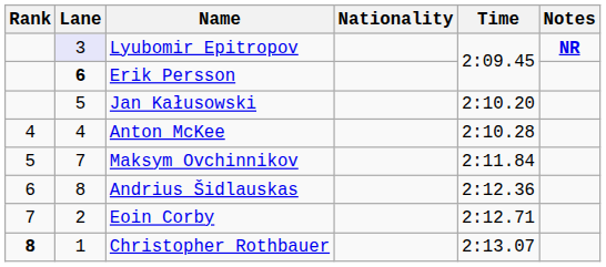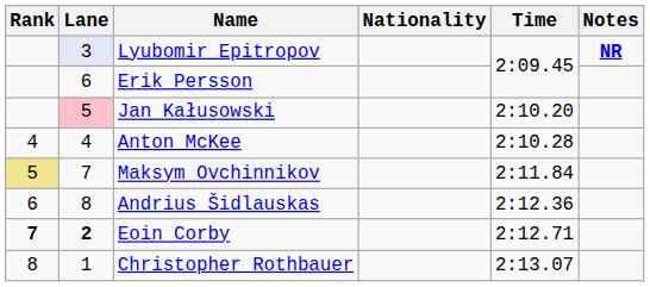 <table class="wikitable sortable" style="text-align:center">
 <tr>
 <th>Rank</th>
 <th>Lane</th>
 <th>Name</th>
 <th>Nationality</th>
 <th>Time</th>
 <th>Notes</th>
 </tr>
 <tr>
 <td></td>
 <td style="background: lavender;">3</td>
 <td align=left><a href='#'>Lyubomir Epitropov</a></td>
 <td align=left></td>
 <td rowspan=2>2:09.45</td>
 <td><strong><a href='#'>NR</a></strong></td>
 </tr>
 <tr>
 <td></td>
-<td><strong>6</strong></td>
+<td>6</td>
 <td align=left><a href='#'>Erik Persson</a></td>
 <td align=left></td>
 <td></td>
 </tr>
 <tr>
 <td></td>
-<td>5</td>
+<td style="background: pink;">5</td>
 <td align=left><a href='#'>Jan Kałusowski</a></td>
 <td align=left></td>
 <td>2:10.20</td>
 <td></td>
 </tr>
 <tr>
 <td>4</td>
 <td>4</td>
 <td align=left><a href='#'>Anton McKee</a></td>
 <td align=left></td>
 <td>2:10.28</td>
 <td></td>
 </tr>
 <tr>
-<td>5</td>
+<td style="background: khaki;">5</td>
 <td>7</td>
 <td align=left><a href='#'>Maksym Ovchinnikov</a></td>
 <td align=left></td>
 <td>2:11.84</td>
 <td></td>
 </tr>
 <tr>
 <td>6</td>
 <td>8</td>
 <td align=left><a href='#'>Andrius Šidlauskas</a></td>
 <td align=left></td>
 <td>2:12.36</td>
 <td></td>
 </tr>
 <tr>
-<td>7</td>
-<td>2</td>
+<td><strong>7</strong></td>
+<td><strong>2</strong></td>
 <td align=left><a href='#'>Eoin Corby</a></td>
 <td align=left></td>
 <td>2:12.71</td>
 <td></td>
 </tr>
 <tr>
-<td><strong>8</strong></td>
+<td>8</td>
 <td>1</td>
 <td align=left><a href='#'>Christopher Rothbauer</a></td>
 <td align=left></td>
 <td>2:13.07</td>
 <td></td>
 </tr>
 </table>
